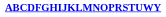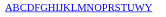 <table id="toc" class="toc" summary="Class">
 <tr>
 <th></th>
 </tr>
 <tr>
-<td style="text-align:center;"><strong><a href='#'>A</a><a href='#'>B</a><a href='#'>C</a><a href='#'>D</a><a href='#'>F</a><a href='#'>G</a><a href='#'>H</a><a href='#'>I</a><a href='#'>J</a><a href='#'>K</a><a href='#'>L</a><a href='#'>M</a><a href='#'>N</a><a href='#'>O</a><a href='#'>P</a><a href='#'>R</a><a href='#'>S</a><a href='#'>T</a><a href='#'>U</a><a href='#'>W</a><a href='#'>Y</a></strong></td>
+<td style="text-align:center;"><a href='#'>A</a><a href='#'>B</a><a href='#'>C</a><a href='#'>D</a><a href='#'>F</a><a href='#'>G</a><a href='#'>H</a><a href='#'>I</a><a href='#'>J</a><a href='#'>K</a><a href='#'>L</a><a href='#'>M</a><a href='#'>N</a><a href='#'>O</a><a href='#'>P</a><a href='#'>R</a><a href='#'>S</a><a href='#'>T</a><a href='#'>U</a><a href='#'>W</a><a href='#'>Y</a></td>
 </tr>
 </table>
